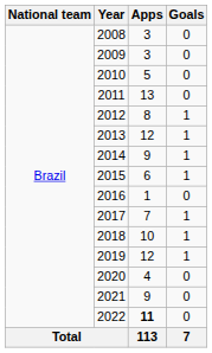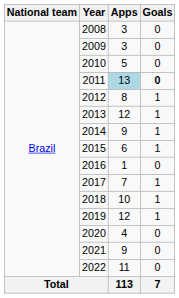 <table class="wikitable" style="text-align: center;">
 <tr>
 <th>National team</th>
 <th>Year</th>
 <th>Apps</th>
 <th>Goals</th>
 </tr>
 <tr>
 <td rowspan="15"><a href='#'>Brazil</a></td>
 <td>2008</td>
 <td>3</td>
 <td>0</td>
 </tr>
 <tr>
 <td>2009</td>
 <td>3</td>
 <td>0</td>
 </tr>
 <tr>
 <td>2010</td>
 <td>5</td>
 <td>0</td>
 </tr>
 <tr>
 <td>2011</td>
-<td>13</td>
-<td>0</td>
+<td style="background: lightblue;">13</td>
+<td><strong>0</strong></td>
 </tr>
 <tr>
 <td>2012</td>
 <td>8</td>
 <td>1</td>
 </tr>
 <tr>
 <td>2013</td>
 <td>12</td>
 <td>1</td>
 </tr>
 <tr>
 <td>2014</td>
 <td>9</td>
 <td>1</td>
 </tr>
 <tr>
 <td>2015</td>
 <td>6</td>
 <td>1</td>
 </tr>
 <tr>
 <td>2016</td>
 <td>1</td>
 <td>0</td>
 </tr>
 <tr>
 <td>2017</td>
 <td>7</td>
 <td>1</td>
 </tr>
 <tr>
 <td>2018</td>
 <td>10</td>
 <td>1</td>
 </tr>
 <tr>
 <td>2019</td>
 <td>12</td>
 <td>1</td>
 </tr>
 <tr>
 <td>2020</td>
 <td>4</td>
 <td>0</td>
 </tr>
 <tr>
 <td>2021</td>
 <td>9</td>
 <td>0</td>
 </tr>
 <tr>
 <td>2022</td>
-<td><strong>11</strong></td>
+<td>11</td>
 <td>0</td>
 </tr>
 <tr>
 <th colspan="2">Total</th>
 <th>113</th>
 <th>7</th>
 </tr>
 </table>
